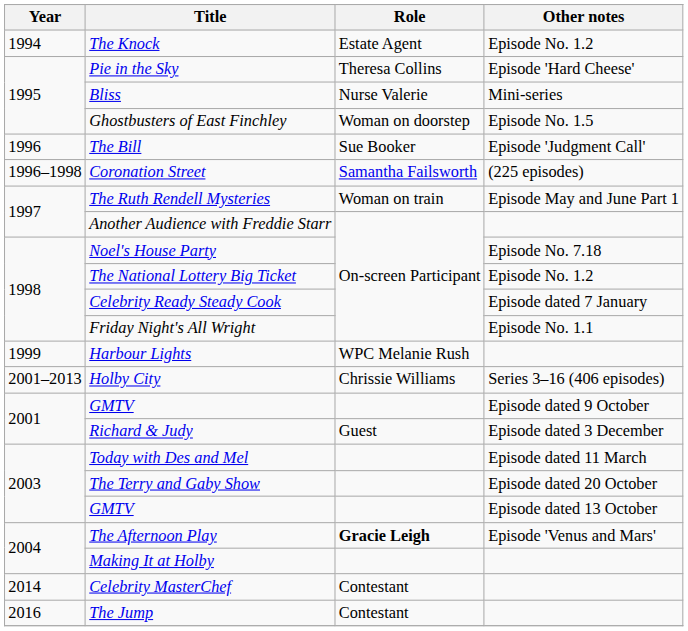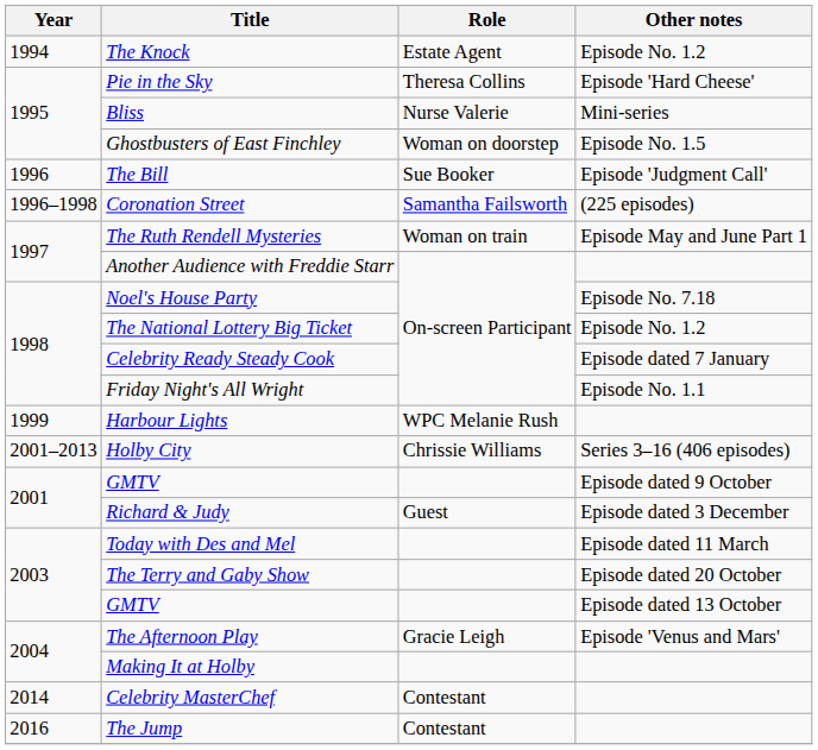 <table class="wikitable">
 <tr>
 </tr>
 <tr>
 <th>Year</th>
 <th>Title</th>
 <th>Role</th>
 <th>Other notes</th>
 </tr>
 <tr>
 <td>1994</td>
 <td><em><a href='#'>The Knock</a></em></td>
 <td>Estate Agent</td>
 <td>Episode No. 1.2</td>
 </tr>
 <tr>
 <td rowspan="3">1995</td>
 <td><em><a href='#'>Pie in the Sky</a></em></td>
 <td>Theresa Collins</td>
 <td>Episode 'Hard Cheese'</td>
 </tr>
 <tr>
 <td><em><a href='#'>Bliss</a></em></td>
 <td>Nurse Valerie</td>
 <td>Mini-series</td>
 </tr>
 <tr>
 <td><em>Ghostbusters of East Finchley</em></td>
 <td>Woman on doorstep</td>
 <td>Episode No. 1.5</td>
 </tr>
 <tr>
 <td>1996</td>
 <td><em><a href='#'>The Bill</a></em></td>
 <td>Sue Booker</td>
 <td>Episode 'Judgment Call'</td>
 </tr>
 <tr>
 <td>1996–1998</td>
 <td><em><a href='#'>Coronation Street</a></em></td>
 <td><a href='#'>Samantha Failsworth</a></td>
 <td>(225 episodes)</td>
 </tr>
 <tr>
 <td rowspan="2">1997</td>
 <td><em><a href='#'>The Ruth Rendell Mysteries</a></em></td>
 <td>Woman on train</td>
 <td>Episode May and June Part 1</td>
 </tr>
 <tr>
 <td><em>Another Audience with Freddie Starr</em></td>
 <td rowspan="5">On-screen Participant</td>
 <td></td>
 </tr>
 <tr>
 <td rowspan="4">1998</td>
 <td><em><a href='#'>Noel's House Party</a></em></td>
 <td>Episode No. 7.18</td>
 </tr>
 <tr>
 <td><em><a href='#'>The National Lottery Big Ticket</a></em></td>
 <td>Episode No. 1.2</td>
 </tr>
 <tr>
 <td><em><a href='#'>Celebrity Ready Steady Cook</a></em></td>
 <td>Episode dated 7 January</td>
 </tr>
 <tr>
 <td><em>Friday Night's All Wright</em></td>
 <td>Episode No. 1.1</td>
 </tr>
 <tr>
 <td rowspan="1">1999</td>
 <td><em><a href='#'>Harbour Lights</a></em></td>
 <td>WPC Melanie Rush</td>
 <td></td>
 </tr>
 <tr>
 <td>2001–2013</td>
 <td><em><a href='#'>Holby City</a></em></td>
 <td>Chrissie Williams</td>
 <td>Series 3–16 (406 episodes)</td>
 </tr>
 <tr>
 <td rowspan="2">2001</td>
 <td><em><a href='#'>GMTV</a></em></td>
 <td></td>
 <td>Episode dated 9 October</td>
 </tr>
 <tr>
 <td><em><a href='#'>Richard & Judy</a></em></td>
 <td>Guest</td>
 <td>Episode dated 3 December</td>
 </tr>
 <tr>
 <td rowspan="3">2003</td>
 <td><em><a href='#'>Today with Des and Mel</a></em></td>
 <td></td>
 <td>Episode dated 11 March</td>
 </tr>
 <tr>
 <td><em><a href='#'>The Terry and Gaby Show</a></em></td>
 <td></td>
 <td>Episode dated 20 October</td>
 </tr>
 <tr>
 <td><em><a href='#'>GMTV</a></em></td>
 <td></td>
 <td>Episode dated 13 October</td>
 </tr>
 <tr>
 <td rowspan=2>2004</td>
 <td><em><a href='#'>The Afternoon Play</a></em></td>
-<td><strong>Gracie Leigh</strong></td>
+<td>Gracie Leigh</td>
 <td>Episode 'Venus and Mars'</td>
 </tr>
 <tr>
 <td><em><a href='#'>Making It at Holby</a></em></td>
 <td></td>
 <td></td>
 </tr>
 <tr>
 <td>2014</td>
 <td><em><a href='#'>Celebrity MasterChef</a></em></td>
 <td>Contestant</td>
 <td></td>
 </tr>
 <tr>
 <td>2016</td>
 <td><em><a href='#'>The Jump</a></em></td>
 <td>Contestant</td>
 <td></td>
 </tr>
 <tr>
 </tr>
 </table>
